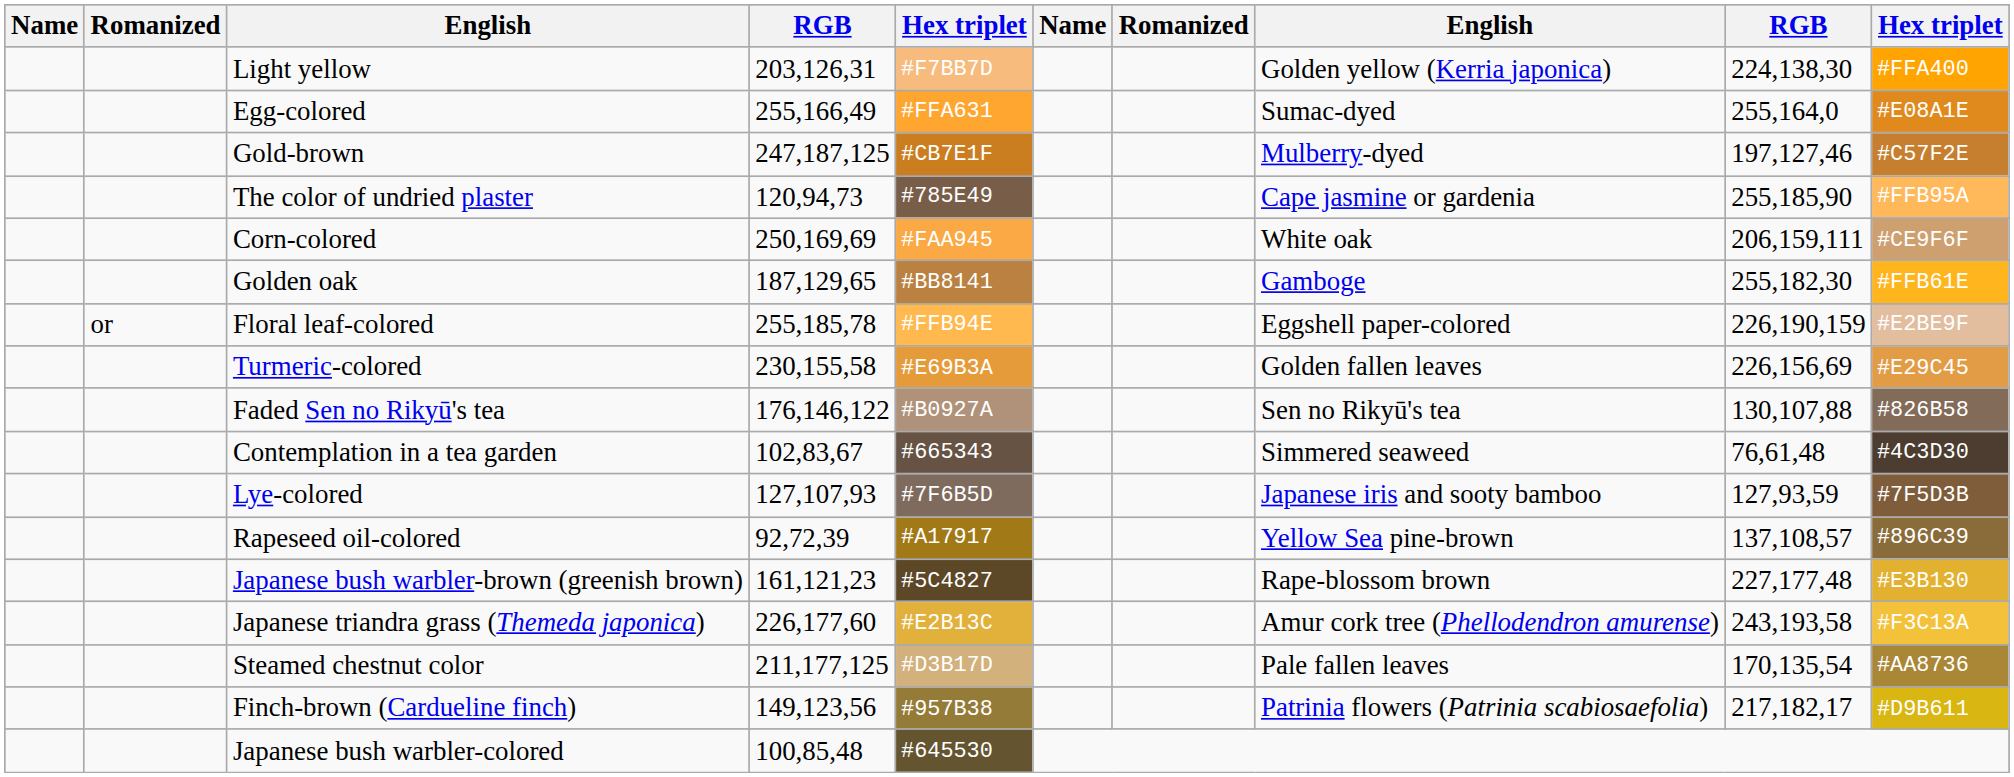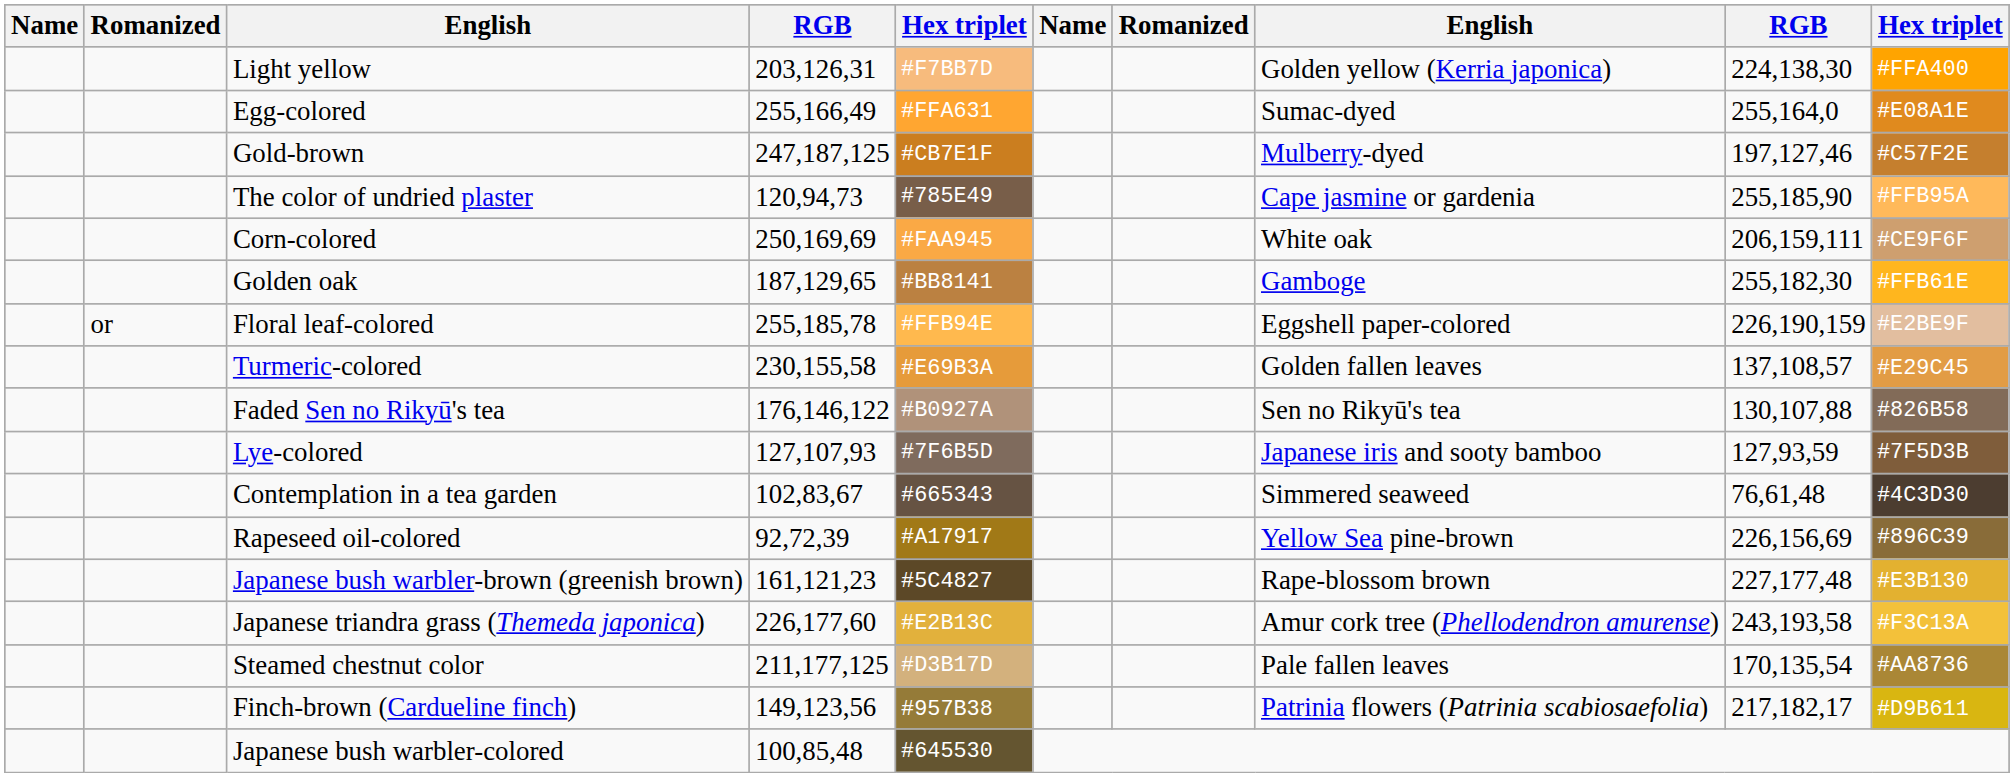 <table class="wikitable">
 <tr>
 <th>Name</th>
 <th>Romanized</th>
 <th>English</th>
 <th><a href='#'>RGB</a></th>
 <th><a href='#'>Hex triplet</a></th>
 <th>Name</th>
 <th>Romanized</th>
 <th>English</th>
 <th><a href='#'>RGB</a></th>
 <th><a href='#'>Hex triplet</a></th>
 </tr>
 <tr>
 <td></td>
 <td></td>
 <td>Light yellow</td>
 <td>203,126,31</td>
 <td style="background:#F7BB7D; color:#ffffff; font-family:monospace;">#F7BB7D</td>
 <td></td>
 <td></td>
 <td>Golden yellow (<a href='#'>Kerria japonica</a>)</td>
 <td>224,138,30</td>
 <td style="background:#FFA400; color:#ffffff; font-family:monospace;">#FFA400</td>
 </tr>
 <tr>
 <td></td>
 <td></td>
 <td>Egg-colored</td>
 <td>255,166,49</td>
 <td style="background:#FFA631; color:#ffffff; font-family:monospace;">#FFA631</td>
 <td></td>
 <td></td>
 <td>Sumac-dyed</td>
 <td>255,164,0</td>
 <td style="background:#E08A1E; color:#ffffff; font-family:monospace;">#E08A1E</td>
 </tr>
 <tr>
 <td></td>
 <td></td>
 <td>Gold-brown</td>
 <td>247,187,125</td>
 <td style="background:#CB7E1F; color:#ffffff; font-family:monospace;">#CB7E1F</td>
 <td></td>
 <td></td>
 <td><a href='#'>Mulberry</a>-dyed</td>
 <td>197,127,46</td>
 <td style="background:#C57F2E; color:#ffffff; font-family:monospace;">#C57F2E</td>
 </tr>
 <tr>
 <td></td>
 <td></td>
 <td>The color of undried <a href='#'>plaster</a></td>
 <td>120,94,73</td>
 <td style="background:#785E49; color:#ffffff; font-family:monospace;">#785E49</td>
 <td></td>
 <td></td>
 <td><a href='#'>Cape jasmine</a> or gardenia</td>
 <td>255,185,90</td>
 <td style="background:#FFB95A; color:#ffffff; font-family:monospace;">#FFB95A</td>
 </tr>
 <tr>
 <td></td>
 <td></td>
 <td>Corn-colored</td>
 <td>250,169,69</td>
 <td style="background:#FAA945; color:#ffffff; font-family:monospace;">#FAA945</td>
 <td></td>
 <td></td>
 <td>White oak</td>
 <td>206,159,111</td>
 <td style="background:#CE9F6F; color:#ffffff; font-family:monospace;">#CE9F6F</td>
 </tr>
 <tr>
 <td></td>
 <td></td>
 <td>Golden oak</td>
 <td>187,129,65</td>
 <td style="background:#BB8141; color:#ffffff; font-family:monospace;">#BB8141</td>
 <td></td>
 <td></td>
 <td><a href='#'>Gamboge</a></td>
 <td>255,182,30</td>
 <td style="background:#FFB61E; color:#ffffff; font-family:monospace;">#FFB61E</td>
 </tr>
 <tr>
 <td></td>
 <td> or </td>
 <td>Floral leaf-colored</td>
 <td>255,185,78</td>
 <td style="background:#FFB94E; color:#ffffff; font-family:monospace;">#FFB94E</td>
 <td></td>
 <td></td>
 <td>Eggshell paper-colored</td>
 <td>226,190,159</td>
 <td style="background:#E2BE9F; color:#ffffff; font-family:monospace;">#E2BE9F</td>
 </tr>
 <tr>
 <td></td>
 <td></td>
 <td><a href='#'>Turmeric</a>-colored</td>
 <td>230,155,58</td>
 <td style="background:#E69B3A; color:#ffffff; font-family:monospace;">#E69B3A</td>
 <td></td>
 <td></td>
 <td>Golden fallen leaves</td>
-<td>226,156,69</td>
+<td>137,108,57</td>
 <td style="background:#E29C45; color:#ffffff; font-family:monospace;">#E29C45</td>
 </tr>
 <tr>
 <td></td>
 <td></td>
 <td>Faded <a href='#'>Sen no Rikyū</a>'s tea</td>
 <td>176,146,122</td>
 <td style="background:#B0927A; color:#ffffff; font-family:monospace;">#B0927A</td>
 <td></td>
 <td></td>
 <td>Sen no Rikyū's tea</td>
 <td>130,107,88</td>
 <td style="background:#826B58; color:#ffffff; font-family:monospace;">#826B58</td>
 </tr>
 <tr>
 <td></td>
 <td></td>
+<td><a href='#'>Lye</a>-colored</td>
+<td>127,107,93</td>
+<td style="background:#7F6B5D; color:#ffffff; font-family:monospace;">#7F6B5D</td>
+<td></td>
+<td></td>
+<td><a href='#'>Japanese iris</a> and sooty bamboo</td>
+<td>127,93,59</td>
+<td style="background:#7F5D3B; color:#ffffff; font-family:monospace;">#7F5D3B</td>
+</tr>
+<tr>
+<td></td>
+<td></td>
 <td>Contemplation in a tea garden</td>
 <td>102,83,67</td>
 <td style="background:#665343; color:#ffffff; font-family:monospace;">#665343</td>
 <td></td>
 <td></td>
 <td>Simmered seaweed</td>
 <td>76,61,48</td>
 <td style="background:#4C3D30; color:#ffffff; font-family:monospace;">#4C3D30</td>
 </tr>
 <tr>
 <td></td>
 <td></td>
-<td><a href='#'>Lye</a>-colored</td>
-<td>127,107,93</td>
-<td style="background:#7F6B5D; color:#ffffff; font-family:monospace;">#7F6B5D</td>
-<td></td>
-<td></td>
-<td><a href='#'>Japanese iris</a> and sooty bamboo</td>
-<td>127,93,59</td>
-<td style="background:#7F5D3B; color:#ffffff; font-family:monospace;">#7F5D3B</td>
-</tr>
-<tr>
-<td></td>
-<td></td>
 <td>Rapeseed oil-colored</td>
 <td>92,72,39</td>
 <td style="background:#A17917; color:#ffffff; font-family:monospace;">#A17917</td>
 <td></td>
 <td></td>
 <td><a href='#'>Yellow Sea</a> pine-brown</td>
-<td>137,108,57</td>
+<td>226,156,69</td>
 <td style="background:#896C39; color:#ffffff; font-family:monospace;">#896C39</td>
 </tr>
 <tr>
 <td></td>
 <td></td>
 <td><a href='#'>Japanese bush warbler</a>-brown (greenish brown)</td>
 <td>161,121,23</td>
 <td style="background:#5C4827; color:#ffffff; font-family:monospace;">#5C4827</td>
 <td></td>
 <td></td>
 <td>Rape-blossom brown</td>
 <td>227,177,48</td>
 <td style="background:#E3B130; color:#ffffff; font-family:monospace;">#E3B130</td>
 </tr>
 <tr>
 <td></td>
 <td></td>
 <td>Japanese triandra grass (<em><a href='#'>Themeda japonica</a></em>)</td>
 <td>226,177,60</td>
 <td style="background:#E2B13C; color:#ffffff; font-family:monospace;">#E2B13C</td>
 <td></td>
 <td></td>
 <td>Amur cork tree (<em><a href='#'>Phellodendron amurense</a></em>)</td>
 <td>243,193,58</td>
 <td style="background:#F3C13A; color:#ffffff; font-family:monospace;">#F3C13A</td>
 </tr>
 <tr>
 <td></td>
 <td></td>
 <td>Steamed chestnut color</td>
 <td>211,177,125</td>
 <td style="background:#D3B17D; color:#ffffff; font-family:monospace;">#D3B17D</td>
 <td></td>
 <td></td>
 <td>Pale fallen leaves</td>
 <td>170,135,54</td>
 <td style="background:#AA8736; color:#ffffff; font-family:monospace;">#AA8736</td>
 </tr>
 <tr>
 <td></td>
 <td></td>
 <td>Finch-brown (<a href='#'>Cardueline finch</a>)</td>
 <td>149,123,56</td>
 <td style="background:#957B38; color:#ffffff; font-family:monospace;">#957B38</td>
 <td></td>
 <td></td>
 <td><a href='#'>Patrinia</a> flowers (<em>Patrinia scabiosaefolia</em>)</td>
 <td>217,182,17</td>
 <td style="background:#D9B611; color:#ffffff; font-family:monospace;">#D9B611</td>
 </tr>
 <tr>
 <td></td>
 <td></td>
 <td>Japanese bush warbler-colored</td>
 <td>100,85,48</td>
 <td style="background:#645530; color:#ffffff; font-family:monospace;">#645530</td>
 </tr>
 </table>
